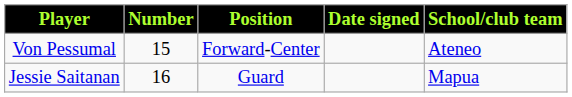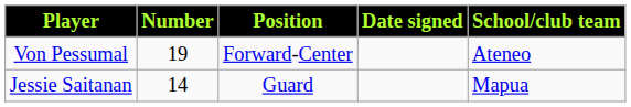 <table class="wikitable sortable sortable">
 <tr>
 <th style="background:#000000; color:#ADFF2F; ">Player</th>
 <th style="background:#000000; color:#ADFF2F; ">Number</th>
 <th style="background:#000000; color:#ADFF2F; ">Position</th>
 <th style="background:#000000; color:#ADFF2F; ">Date signed</th>
 <th style="background:#000000; color:#ADFF2F; ">School/club team</th>
 </tr>
 <tr>
 <td align=center><a href='#'>Von Pessumal</a></td>
-<td align=center>15</td>
+<td align=center>19</td>
 <td align=center><a href='#'>Forward</a>-<a href='#'>Center</a></td>
 <td align=center></td>
 <td><a href='#'>Ateneo</a></td>
 </tr>
 <tr>
 <td align=center><a href='#'>Jessie Saitanan</a></td>
-<td align=center>16</td>
+<td align=center>14</td>
 <td align=center><a href='#'>Guard</a></td>
 <td align=center></td>
 <td><a href='#'>Mapua</a></td>
 </tr>
 </table>
